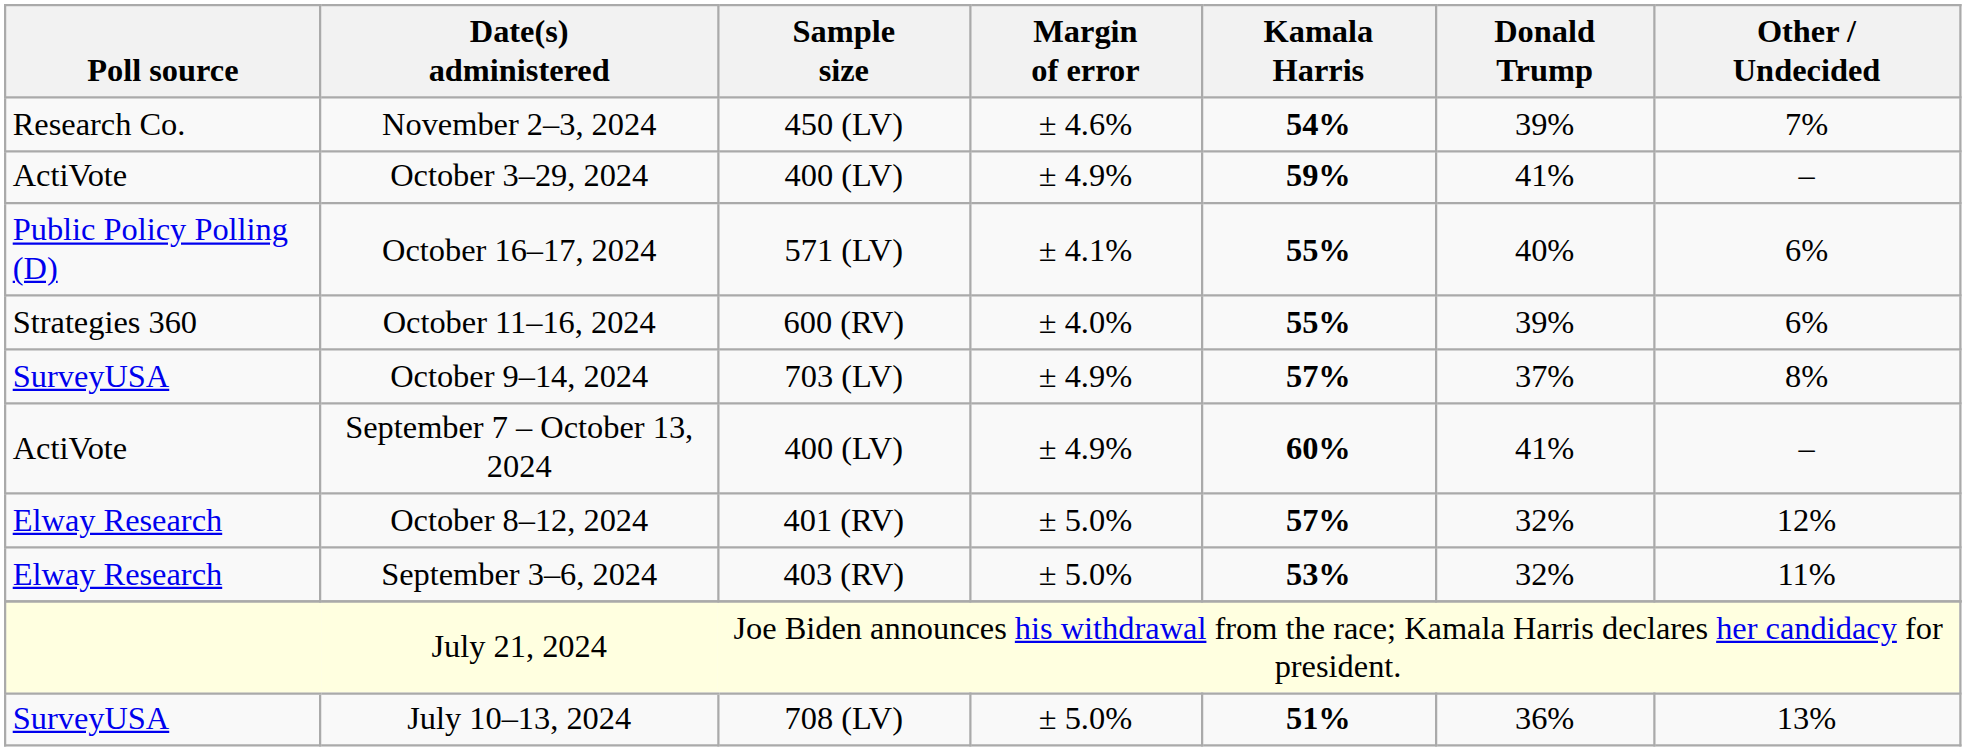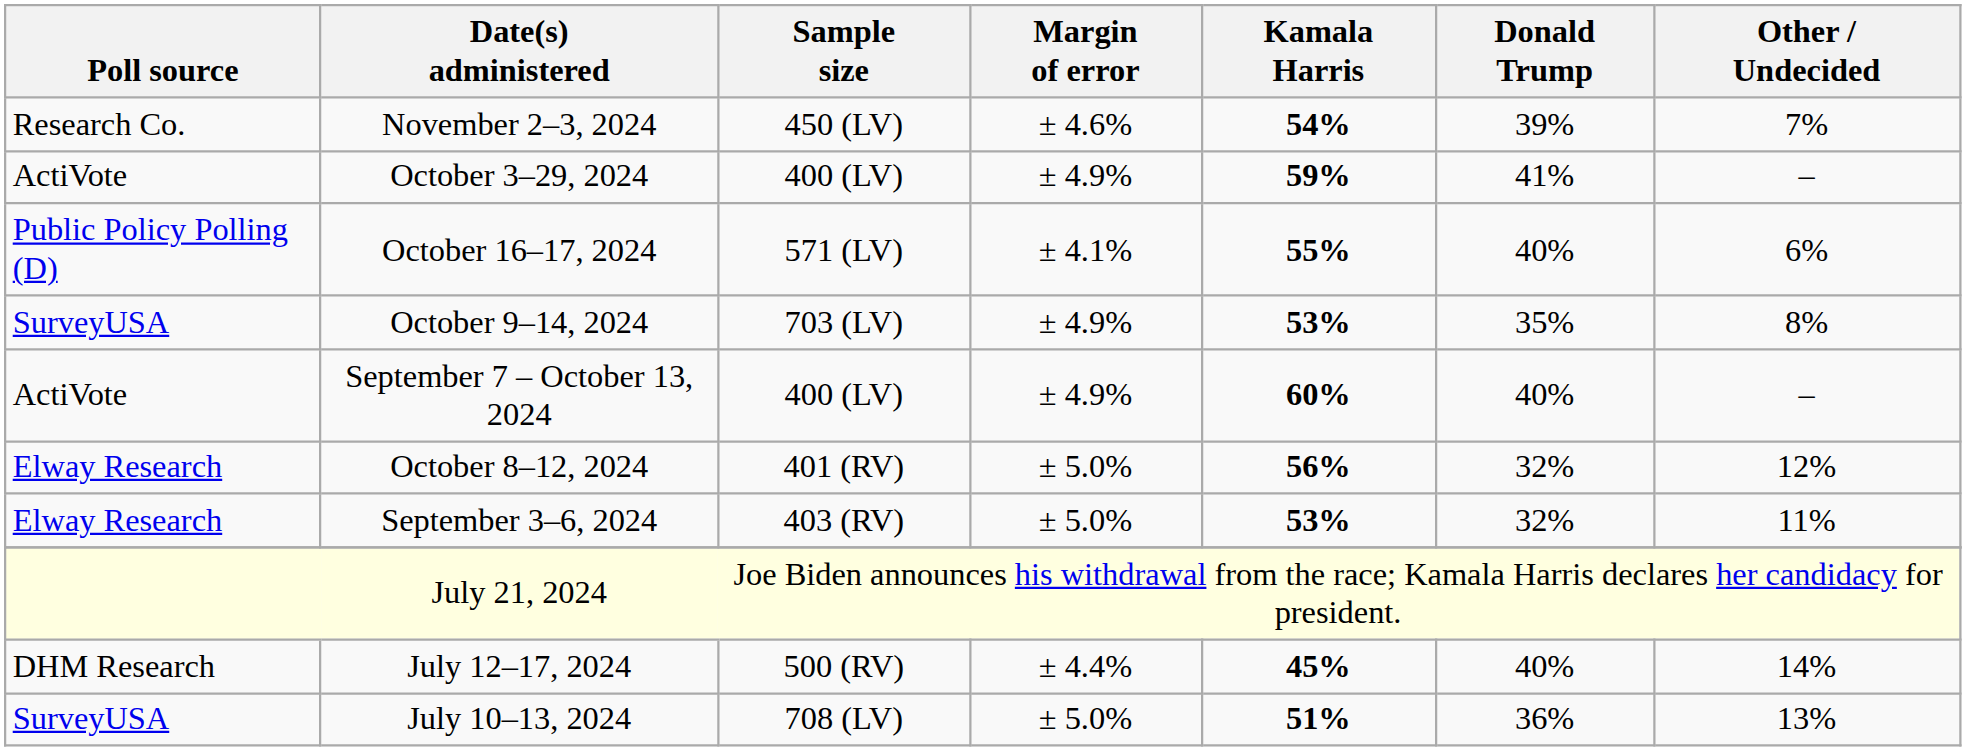 <table class="wikitable sortable mw-datatable" style="font-size:90%;text-align:center;line-height:17px">
 <tr valign=bottom>
 <th>Poll source</th>
 <th>Date(s)<br>administered</th>
 <th>Sample<br>size</th>
 <th>Margin<br>of error</th>
 <th class="unsortable">Kamala<br>Harris<br></th>
 <th class="unsortable">Donald<br>Trump<br></th>
 <th class="unsortable">Other /<br>Undecided</th>
 </tr>
 <tr>
 <td style="text-align:left;">Research Co.</td>
 <td data-sort-value="2024-11-03">November 2–3, 2024</td>
 <td>450 (LV)</td>
 <td>± 4.6%</td>
 <td style="color:black;background-color:"><strong>54%</strong></td>
 <td>39%</td>
 <td>7%</td>
 </tr>
 <tr>
 <td style="text-align:left">ActiVote</td>
 <td data-sort-value="2024-10-29">October 3–29, 2024</td>
 <td>400 (LV)</td>
 <td>± 4.9%</td>
 <td style="color:black;background-color:"><strong>59%</strong></td>
 <td>41%</td>
 <td>–</td>
 </tr>
 <tr>
 <td style="text-align:left;"><a href='#'>Public Policy Polling (D)</a></td>
 <td>October 16–17, 2024</td>
 <td>571 (LV)</td>
 <td>± 4.1%</td>
 <td style="color:black;background-color:"><strong>55%</strong></td>
 <td>40%</td>
 <td>6%</td>
 </tr>
 <tr>
-<td style="text-align:left;">Strategies 360</td>
-<td>October 11–16, 2024</td>
-<td>600 (RV)</td>
-<td>± 4.0%</td>
-<td style="color:black;background-color:"><strong>55%</strong></td>
-<td>39%</td>
-<td>6%</td>
-</tr>
-<tr>
 <td style="text-align:left;"><a href='#'>SurveyUSA</a></td>
 <td>October 9–14, 2024</td>
 <td>703 (LV)</td>
 <td>± 4.9%</td>
-<td style="color:black;background-color:"><strong>57%</strong></td>
-<td>37%</td>
+<td style="color:black;background-color:"><strong>53%</strong></td>
+<td>35%</td>
 <td>8%</td>
 </tr>
 <tr>
 <td style="text-align:left;">ActiVote</td>
 <td data-sort-value="2024-09-06">September 7 – October 13, 2024</td>
 <td>400 (LV)</td>
 <td>± 4.9%</td>
 <td style="color:black;background-color:"><strong>60%</strong></td>
-<td>41%</td>
+<td>40%</td>
 <td>–</td>
 </tr>
 <tr>
 <td style="text-align:left;"><a href='#'>Elway Research</a></td>
 <td data-sort-value="2024-10-12">October 8–12, 2024</td>
 <td>401 (RV)</td>
 <td>± 5.0%</td>
-<td style="color:black;background-color:"><strong>57%</strong></td>
+<td style="color:black;background-color:"><strong>56%</strong></td>
 <td>32%</td>
 <td>12%</td>
 </tr>
 <tr>
 <td style="text-align:left;"><a href='#'>Elway Research</a></td>
 <td data-sort-value="2024-09-06">September 3–6, 2024</td>
 <td>403 (RV)</td>
 <td>± 5.0%</td>
 <td style="color:black;background-color:"><strong>53%</strong></td>
 <td>32%</td>
 <td>11%</td>
 </tr>
 <tr>
 </tr>
 <tr style="background:lightyellow;">
 <td style="border-right-style:hidden; background:lightyellow;"></td>
 <td style="border-right-style:hidden; " data-sort-value="2024-07-21">July 21, 2024</td>
 <td colspan="5">Joe Biden announces <a href='#'>his withdrawal</a> from the race; Kamala Harris declares <a href='#'>her candidacy</a> for president.</td>
 </tr>
 <tr>
+<td style="text-align:left;">DHM Research</td>
+<td data-sort-value="2024-08-16">July 12–17, 2024</td>
+<td>500 (RV)</td>
+<td>± 4.4%</td>
+<td style="color:black;background-color:"><strong>45%</strong></td>
+<td>40%</td>
+<td>14%</td>
+</tr>
+<tr>
 <td style="text-align:left;"><a href='#'>SurveyUSA</a></td>
 <td>July 10–13, 2024</td>
 <td>708 (LV)</td>
 <td>± 5.0%</td>
 <td style="color:black;background-color:"><strong>51%</strong></td>
 <td>36%</td>
 <td>13%</td>
 </tr>
 </table>
